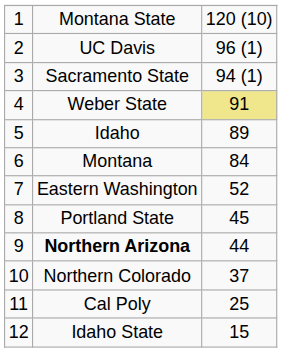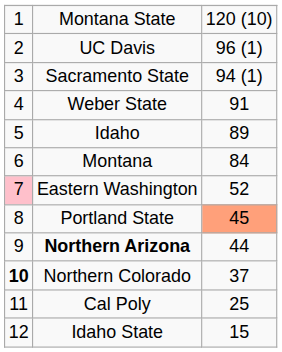 <table class="wikitable" style="display: inline-table;">
 <tr align="center">
 </tr>
 <tr align="center">
 <td>1</td>
 <td>Montana State</td>
 <td>120 (10)</td>
 </tr>
 <tr align="center">
 <td>2</td>
 <td>UC Davis</td>
 <td>96 (1)</td>
 </tr>
 <tr align="center">
 <td>3</td>
 <td>Sacramento State</td>
 <td>94 (1)</td>
 </tr>
 <tr align="center">
 <td>4</td>
 <td>Weber State</td>
-<td style="background: khaki;">91</td>
+<td>91</td>
 </tr>
 <tr align="center">
 <td>5</td>
 <td>Idaho</td>
 <td>89</td>
 </tr>
 <tr align="center">
 <td>6</td>
 <td>Montana</td>
 <td>84</td>
 </tr>
 <tr align="center">
-<td>7</td>
+<td style="background: pink;">7</td>
 <td>Eastern Washington</td>
 <td>52</td>
 </tr>
 <tr align="center">
 <td>8</td>
 <td>Portland State</td>
-<td>45</td>
+<td style="background: lightsalmon;">45</td>
 </tr>
 <tr align="center">
 <td>9</td>
 <td><strong>Northern Arizona</strong></td>
 <td>44</td>
 </tr>
 <tr align="center">
-<td>10</td>
+<td><strong>10</strong></td>
 <td>Northern Colorado</td>
 <td>37</td>
 </tr>
 <tr align="center">
 <td>11</td>
 <td>Cal Poly</td>
 <td>25</td>
 </tr>
 <tr align="center">
 <td>12</td>
 <td>Idaho State</td>
 <td>15</td>
 </tr>
 </table>
